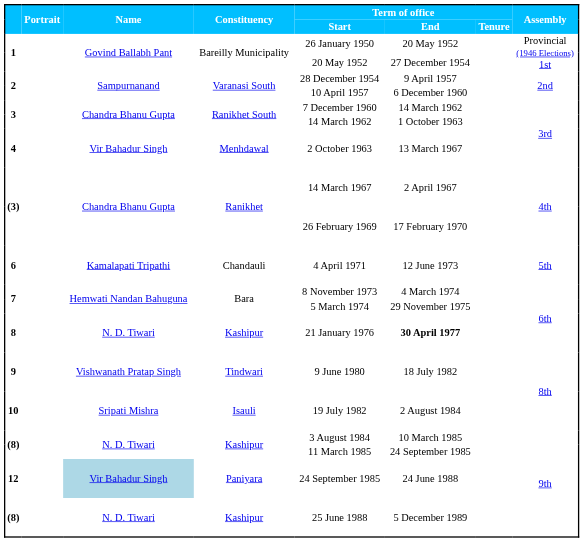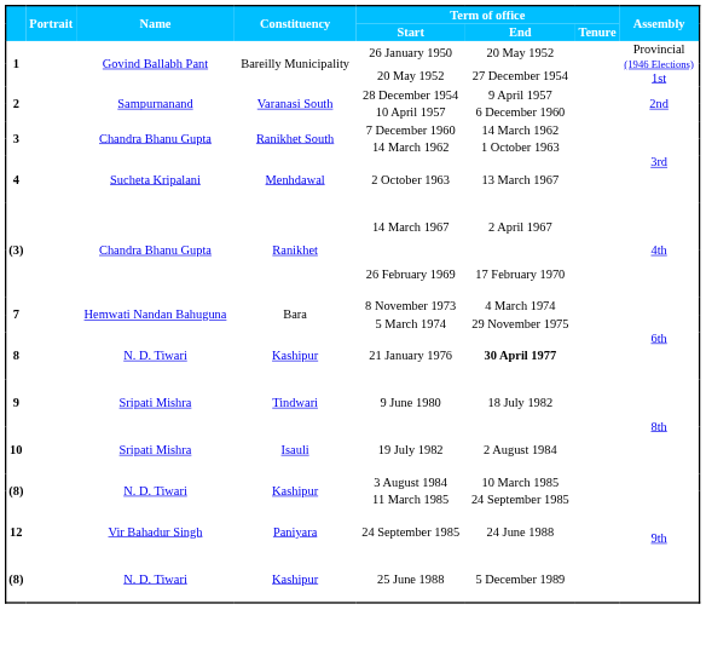 <table class="sortable" cellspacing="0" cellpadding="2" style="border-collapse: collapse; border: 2px #000000 solid; font-size: x-big; width:70%; border:1">
 <tr style="background-color:#00BFFF; color:white">
 <th scope=col rowspan="2"></th>
 <th scope=col rowspan="2">Portrait</th>
 <th scope=col rowspan="2">Name</th>
 <th scope=col rowspan="2">Constituency</th>
 <th scope=colgroup colspan=3>Term of office</th>
 <th scope=col rowspan="2">Assembly</th>
 </tr>
 <tr style="background-color:#00BFFF; color:white">
 <th>Start</th>
 <th>End</th>
 <th>Tenure</th>
 </tr>
 <tr>
 </tr>
 <tr>
 </tr>
 <tr align=center>
 <th scope=rowgroup rowspan=2>1</th>
 <td rowspan=2></td>
 <td rowspan=2><a href='#'>Govind Ballabh Pant</a></td>
 <td rowspan="2">Bareilly Municipality</td>
 <td>26 January 1950</td>
 <td>20 May 1952</td>
 <td rowspan="2"></td>
 <td rowspan="2">Provincial<br><a href='#'><small>(1946 Elections)</small></a><br> <a href='#'>1st</a><br></td>
 </tr>
 <tr align=center>
 <td>20 May 1952</td>
 <td>27 December 1954</td>
 </tr>
 <tr align=center>
 <th scope=rowgroup rowspan=2>2</th>
 <td rowspan=2></td>
 <td rowspan=2><a href='#'>Sampurnanand</a></td>
 <td rowspan="2"><a href='#'>Varanasi South</a></td>
 <td>28 December 1954</td>
 <td>9 April 1957</td>
 <td rowspan="2"></td>
 <td rowspan="2"><a href='#'>2nd</a><br></td>
 </tr>
 <tr align=center>
 <td>10 April 1957</td>
 <td>6 December 1960</td>
 </tr>
 <tr align=center>
 <th scope=rowgroup rowspan=2>3</th>
 <td rowspan=2></td>
 <td rowspan=2><a href='#'>Chandra Bhanu Gupta</a></td>
 <td rowspan="2"><a href='#'>Ranikhet South</a></td>
 <td>7 December 1960</td>
 <td>14 March 1962</td>
 <td rowspan=2></td>
 <td rowspan="3"><a href='#'>3rd</a><br></td>
 </tr>
 <tr align=center>
 <td>14 March 1962</td>
 <td>1 October 1963</td>
 </tr>
 <tr align=center style="height: 60px;">
 <th scope=row>4</th>
 <td></td>
-<td><a href='#'>Vir Bahadur Singh</a></td>
+<td><a href='#'>Sucheta Kripalani</a></td>
 <td><a href='#'>Menhdawal</a></td>
 <td>2 October 1963</td>
 <td>13 March 1967</td>
 <td></td>
 </tr>
 <tr align=center style="height: 60px;">
 <th scope=rowgroup rowspan="2">(3)</th>
 <td rowspan="2"></td>
 <td rowspan="2"><a href='#'>Chandra Bhanu Gupta</a></td>
 <td rowspan="2"><a href='#'>Ranikhet</a></td>
 <td>14 March 1967</td>
 <td>2 April 1967</td>
 <td></td>
 <td rowspan="2"><a href='#'>4th</a><br></td>
 </tr>
 <tr align=center style="height: 60px;">
 <td>26 February 1969</td>
 <td>17 February 1970</td>
 <td></td>
-</tr>
-<tr align=center style="height: 60px;">
-<th scope=row>6</th>
-<td></td>
-<td><a href='#'>Kamalapati Tripathi</a></td>
-<td>Chandauli</td>
-<td>4 April 1971</td>
-<td>12 June 1973</td>
-<td></td>
-<td><a href='#'>5th</a><br></td>
 </tr>
 <tr align=center>
 <th scope=rowgroup rowspan=2>7</th>
 <td rowspan=2></td>
 <td rowspan=2><a href='#'>Hemwati Nandan Bahuguna</a></td>
 <td rowspan="2">Bara</td>
 <td>8 November 1973</td>
 <td>4 March 1974</td>
 <td rowspan=2></td>
 <td rowspan="3"><a href='#'>6th</a><br></td>
 </tr>
 <tr align=center>
 <td>5 March 1974</td>
 <td>29 November 1975</td>
 </tr>
 <tr align=center style="height: 60px;">
 <th scope=row>8</th>
 <td></td>
 <td><a href='#'>N. D. Tiwari</a></td>
 <td><a href='#'>Kashipur</a></td>
 <td>21 January 1976</td>
 <td><strong>30 April 1977</strong></td>
 <td></td>
 </tr>
 <tr align=center style="height: 60px;">
 <th scope=row>9</th>
 <td></td>
-<td><a href='#'>Vishwanath Pratap Singh</a></td>
+<td><a href='#'>Sripati Mishra</a></td>
 <td><a href='#'>Tindwari</a></td>
 <td>9 June 1980</td>
 <td>18 July 1982</td>
 <td></td>
 <td rowspan="2"><a href='#'>8th</a><br></td>
 </tr>
 <tr align=center style="height: 60px;">
 <th scope=row>10</th>
 <td></td>
 <td><a href='#'>Sripati Mishra</a></td>
 <td><a href='#'>Isauli</a></td>
 <td>19 July 1982</td>
 <td>2 August 1984</td>
 <td></td>
 </tr>
 <tr align=center>
 <th scope=rowgroup rowspan=2>(8)</th>
 <td rowspan=2></td>
 <td rowspan=2><a href='#'>N. D. Tiwari</a></td>
 <td rowspan="2"><a href='#'>Kashipur</a></td>
 <td>3 August 1984</td>
 <td>10 March 1985</td>
 <td rowspan=2></td>
 <td rowspan="4"><a href='#'>9th</a><br></td>
 </tr>
 <tr align=center>
 <td>11 March 1985</td>
 <td>24 September 1985</td>
 </tr>
 <tr align=center style="height: 60px;">
 <th scope=row>12</th>
 <td></td>
-<td style="background: lightblue;"><a href='#'>Vir Bahadur Singh</a></td>
+<td><a href='#'>Vir Bahadur Singh</a></td>
 <td><a href='#'>Paniyara</a></td>
 <td>24 September 1985</td>
 <td>24 June 1988</td>
 <td></td>
 </tr>
 <tr align=center style="height: 60px;">
 <th scope=row>(8)</th>
 <td></td>
 <td><a href='#'>N. D. Tiwari</a></td>
 <td><a href='#'>Kashipur</a></td>
 <td>25 June 1988</td>
 <td>5 December 1989</td>
 <td></td>
 </tr>
 </table>
